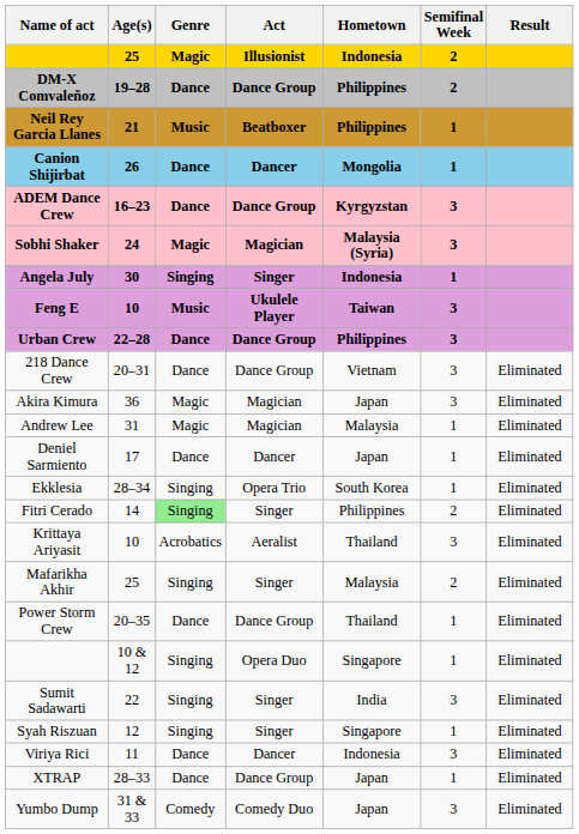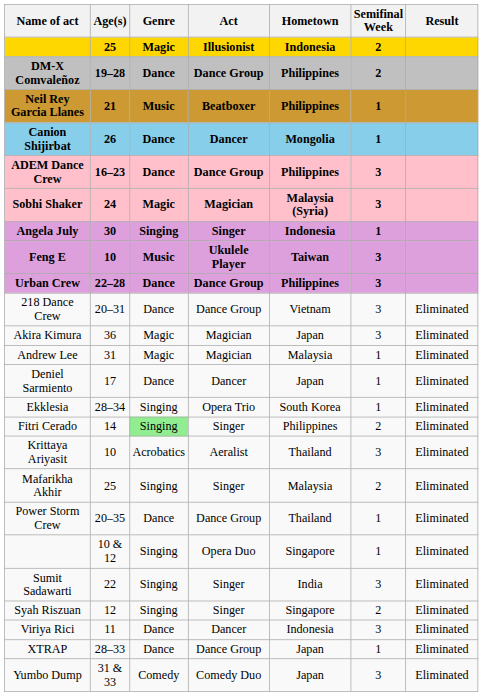 <table class="wikitable sortable" style="width:100%; text-align:center;">
 <tr>
 <th style="width:18%;">Name of act</th>
 <th data-sort-type="number" style="width:05%">Age(s)</th>
 <th style="width:05%">Genre</th>
 <th style="width:17%">Act</th>
 <th style="width:17%">Hometown</th>
 <th style="width:07%">Semifinal Week</th>
 <th style="width:15%">Result</th>
 </tr>
 <tr bgcolor=Gold>
 <td><strong></strong></td>
 <td><strong>25</strong></td>
 <td><strong>Magic</strong></td>
 <td><strong>Illusionist</strong></td>
 <td><strong>Indonesia</strong></td>
 <td><strong>2</strong></td>
 <td><strong></strong></td>
 </tr>
 <tr bgcolor=Silver>
 <td><strong>DM-X Comvaleñoz</strong> </td>
 <td><strong>19–28</strong></td>
 <td><strong>Dance</strong></td>
 <td><strong>Dance Group</strong></td>
 <td><strong>Philippines</strong></td>
 <td><strong>2</strong></td>
 <td><strong></strong></td>
 </tr>
 <tr bgcolor=#cc9933>
 <td><strong>Neil Rey Garcia Llanes</strong></td>
 <td><strong>21</strong></td>
 <td><strong>Music</strong></td>
 <td><strong>Beatboxer</strong></td>
 <td><strong>Philippines</strong></td>
 <td><strong>1</strong></td>
 <td><strong></strong></td>
 </tr>
 <tr bgcolor=skyblue>
 <td><strong>Canion Shijirbat</strong> </td>
 <td><strong>26</strong></td>
 <td><strong>Dance</strong></td>
 <td><strong>Dancer</strong></td>
 <td><strong>Mongolia</strong></td>
 <td><strong>1</strong></td>
 <td><strong></strong></td>
 </tr>
 <tr bgcolor=pink>
 <td><strong>ADEM Dance Crew</strong> </td>
 <td><strong>16–23</strong></td>
 <td><strong>Dance</strong></td>
 <td><strong>Dance Group</strong></td>
-<td><strong>Kyrgyzstan</strong></td>
+<td><strong>Philippines</strong></td>
 <td><strong>3</strong></td>
 <td><strong></strong></td>
 </tr>
 <tr bgcolor=pink>
 <td><strong>Sobhi Shaker</strong></td>
 <td><strong>24</strong></td>
 <td><strong>Magic</strong></td>
 <td><strong>Magician</strong></td>
 <td><strong>Malaysia<br>(Syria)</strong></td>
 <td><strong>3</strong></td>
 <td><strong></strong></td>
 </tr>
 <tr bgcolor=plum>
 <td><strong>Angela July</strong> </td>
 <td><strong>30</strong></td>
 <td><strong>Singing</strong></td>
 <td><strong>Singer</strong></td>
 <td><strong>Indonesia</strong></td>
 <td><strong>1</strong></td>
 <td><strong></strong></td>
 </tr>
 <tr bgcolor=plum>
 <td><strong>Feng E</strong>  </td>
 <td><strong>10</strong></td>
 <td><strong>Music</strong></td>
 <td><strong>Ukulele Player</strong></td>
 <td><strong>Taiwan</strong></td>
 <td><strong>3</strong></td>
 <td><strong></strong></td>
 </tr>
 <tr bgcolor=plum>
 <td><strong>Urban Crew</strong></td>
 <td><strong>22–28</strong></td>
 <td><strong>Dance</strong></td>
 <td><strong>Dance Group</strong></td>
 <td><strong>Philippines</strong></td>
 <td><strong>3</strong></td>
 <td><strong></strong></td>
 </tr>
 <tr>
 <td>218 Dance Crew</td>
 <td>20–31</td>
 <td>Dance</td>
 <td>Dance Group</td>
 <td>Vietnam</td>
 <td>3</td>
 <td>Eliminated</td>
 </tr>
 <tr>
 <td>Akira Kimura </td>
 <td>36</td>
 <td>Magic</td>
 <td>Magician</td>
 <td>Japan</td>
 <td>3</td>
 <td>Eliminated</td>
 </tr>
 <tr>
 <td>Andrew Lee</td>
 <td>31</td>
 <td>Magic</td>
 <td>Magician</td>
 <td>Malaysia</td>
 <td>1</td>
 <td>Eliminated</td>
 </tr>
 <tr>
 <td>Deniel Sarmiento</td>
 <td>17</td>
 <td>Dance</td>
 <td>Dancer</td>
 <td>Japan</td>
 <td>1</td>
 <td>Eliminated</td>
 </tr>
 <tr>
 <td>Ekklesia</td>
 <td>28–34</td>
 <td>Singing</td>
 <td>Opera Trio</td>
 <td>South Korea</td>
 <td>1</td>
 <td>Eliminated</td>
 </tr>
 <tr>
 <td>Fitri Cerado</td>
 <td>14</td>
 <td style="background: lightgreen;">Singing</td>
 <td>Singer</td>
 <td>Philippines</td>
 <td>2</td>
 <td>Eliminated</td>
 </tr>
 <tr>
 <td>Krittaya Ariyasit</td>
 <td>10</td>
 <td>Acrobatics</td>
 <td>Aeralist</td>
 <td>Thailand</td>
 <td>3</td>
 <td>Eliminated</td>
 </tr>
 <tr>
 <td>Mafarikha Akhir</td>
 <td>25</td>
 <td>Singing</td>
 <td>Singer</td>
 <td>Malaysia</td>
 <td>2</td>
 <td>Eliminated</td>
 </tr>
 <tr>
 <td>Power Storm Crew</td>
 <td>20–35</td>
 <td>Dance</td>
 <td>Dance Group</td>
 <td>Thailand</td>
 <td>1</td>
 <td>Eliminated</td>
 </tr>
 <tr>
 <td></td>
 <td>10 & 12</td>
 <td>Singing</td>
 <td>Opera Duo</td>
 <td>Singapore</td>
 <td>1</td>
 <td>Eliminated</td>
 </tr>
 <tr>
 <td>Sumit Sadawarti</td>
 <td>22</td>
 <td>Singing</td>
 <td>Singer</td>
 <td>India</td>
 <td>3</td>
 <td>Eliminated</td>
 </tr>
 <tr>
 <td>Syah Riszuan</td>
 <td>12</td>
 <td>Singing</td>
 <td>Singer</td>
 <td>Singapore</td>
-<td>1</td>
+<td>2</td>
 <td>Eliminated</td>
 </tr>
 <tr>
 <td>Viriya Rici</td>
 <td>11</td>
 <td>Dance</td>
 <td>Dancer</td>
 <td>Indonesia</td>
 <td>3</td>
 <td>Eliminated</td>
 </tr>
 <tr>
 <td>XTRAP</td>
 <td>28–33</td>
 <td>Dance</td>
 <td>Dance Group</td>
 <td>Japan</td>
 <td>1</td>
 <td>Eliminated</td>
 </tr>
 <tr>
 <td>Yumbo Dump</td>
 <td>31 & 33</td>
 <td>Comedy</td>
 <td>Comedy Duo</td>
 <td>Japan</td>
 <td>3</td>
 <td>Eliminated</td>
 </tr>
 </table>
